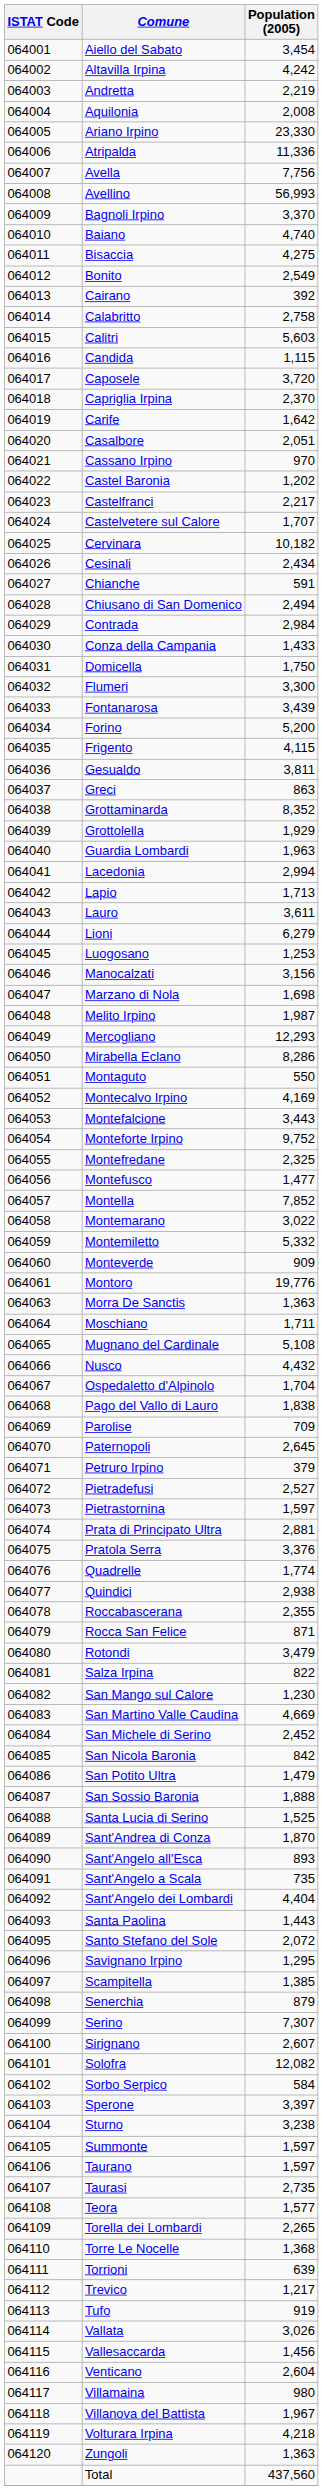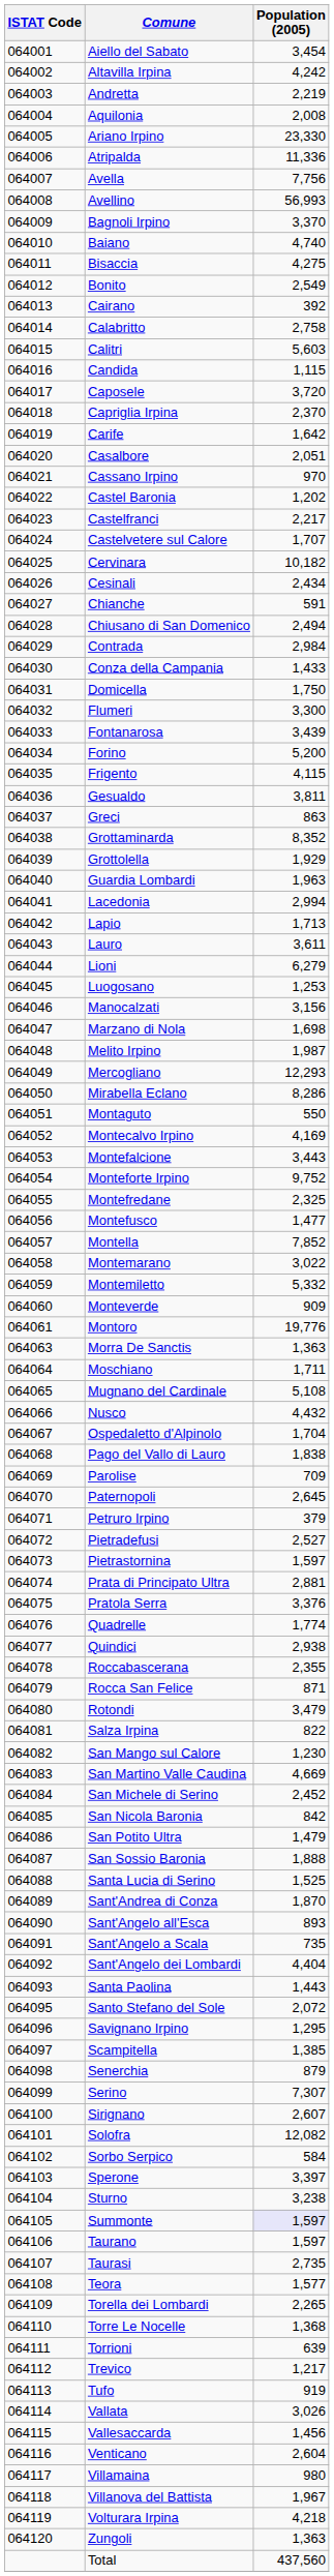 <table class="wikitable sortable">
 <tr>
 <th><a href='#'>ISTAT</a> Code</th>
 <th><em><a href='#'>Comune</a></em></th>
 <th>Population <br>(2005)</th>
 </tr>
 <tr>
 <td>064001</td>
 <td><a href='#'>Aiello del Sabato</a></td>
 <td align="right">3,454</td>
 </tr>
 <tr>
 <td>064002</td>
 <td><a href='#'>Altavilla Irpina</a></td>
 <td align="right">4,242</td>
 </tr>
 <tr>
 <td>064003</td>
 <td><a href='#'>Andretta</a></td>
 <td align="right">2,219</td>
 </tr>
 <tr>
 <td>064004</td>
 <td><a href='#'>Aquilonia</a></td>
 <td align="right">2,008</td>
 </tr>
 <tr>
 <td>064005</td>
 <td><a href='#'>Ariano Irpino</a></td>
 <td align="right">23,330</td>
 </tr>
 <tr>
 <td>064006</td>
 <td><a href='#'>Atripalda</a></td>
 <td align="right">11,336</td>
 </tr>
 <tr>
 <td>064007</td>
 <td><a href='#'>Avella</a></td>
 <td align="right">7,756</td>
 </tr>
 <tr>
 <td>064008</td>
 <td><a href='#'>Avellino</a></td>
 <td align="right">56,993</td>
 </tr>
 <tr>
 <td>064009</td>
 <td><a href='#'>Bagnoli Irpino</a></td>
 <td align="right">3,370</td>
 </tr>
 <tr>
 <td>064010</td>
 <td><a href='#'>Baiano</a></td>
 <td align="right">4,740</td>
 </tr>
 <tr>
 <td>064011</td>
 <td><a href='#'>Bisaccia</a></td>
 <td align="right">4,275</td>
 </tr>
 <tr>
 <td>064012</td>
 <td><a href='#'>Bonito</a></td>
 <td align="right">2,549</td>
 </tr>
 <tr>
 <td>064013</td>
 <td><a href='#'>Cairano</a></td>
 <td align="right">392</td>
 </tr>
 <tr>
 <td>064014</td>
 <td><a href='#'>Calabritto</a></td>
 <td align="right">2,758</td>
 </tr>
 <tr>
 <td>064015</td>
 <td><a href='#'>Calitri</a></td>
 <td align="right">5,603</td>
 </tr>
 <tr>
 <td>064016</td>
 <td><a href='#'>Candida</a></td>
 <td align="right">1,115</td>
 </tr>
 <tr>
 <td>064017</td>
 <td><a href='#'>Caposele</a></td>
 <td align="right">3,720</td>
 </tr>
 <tr>
 <td>064018</td>
 <td><a href='#'>Capriglia Irpina</a></td>
 <td align="right">2,370</td>
 </tr>
 <tr>
 <td>064019</td>
 <td><a href='#'>Carife</a></td>
 <td align="right">1,642</td>
 </tr>
 <tr>
 <td>064020</td>
 <td><a href='#'>Casalbore</a></td>
 <td align="right">2,051</td>
 </tr>
 <tr>
 <td>064021</td>
 <td><a href='#'>Cassano Irpino</a></td>
 <td align="right">970</td>
 </tr>
 <tr>
 <td>064022</td>
 <td><a href='#'>Castel Baronia</a></td>
 <td align="right">1,202</td>
 </tr>
 <tr>
 <td>064023</td>
 <td><a href='#'>Castelfranci</a></td>
 <td align="right">2,217</td>
 </tr>
 <tr>
 <td>064024</td>
 <td><a href='#'>Castelvetere sul Calore</a></td>
 <td align="right">1,707</td>
 </tr>
 <tr>
 <td>064025</td>
 <td><a href='#'>Cervinara</a></td>
 <td align="right">10,182</td>
 </tr>
 <tr>
 <td>064026</td>
 <td><a href='#'>Cesinali</a></td>
 <td align="right">2,434</td>
 </tr>
 <tr>
 <td>064027</td>
 <td><a href='#'>Chianche</a></td>
 <td align="right">591</td>
 </tr>
 <tr>
 <td>064028</td>
 <td><a href='#'>Chiusano di San Domenico</a></td>
 <td align="right">2,494</td>
 </tr>
 <tr>
 <td>064029</td>
 <td><a href='#'>Contrada</a></td>
 <td align="right">2,984</td>
 </tr>
 <tr>
 <td>064030</td>
 <td><a href='#'>Conza della Campania</a></td>
 <td align="right">1,433</td>
 </tr>
 <tr>
 <td>064031</td>
 <td><a href='#'>Domicella</a></td>
 <td align="right">1,750</td>
 </tr>
 <tr>
 <td>064032</td>
 <td><a href='#'>Flumeri</a></td>
 <td align="right">3,300</td>
 </tr>
 <tr>
 <td>064033</td>
 <td><a href='#'>Fontanarosa</a></td>
 <td align="right">3,439</td>
 </tr>
 <tr>
 <td>064034</td>
 <td><a href='#'>Forino</a></td>
 <td align="right">5,200</td>
 </tr>
 <tr>
 <td>064035</td>
 <td><a href='#'>Frigento</a></td>
 <td align="right">4,115</td>
 </tr>
 <tr>
 <td>064036</td>
 <td><a href='#'>Gesualdo</a></td>
 <td align="right">3,811</td>
 </tr>
 <tr>
 <td>064037</td>
 <td><a href='#'>Greci</a></td>
 <td align="right">863</td>
 </tr>
 <tr>
 <td>064038</td>
 <td><a href='#'>Grottaminarda</a></td>
 <td align="right">8,352</td>
 </tr>
 <tr>
 <td>064039</td>
 <td><a href='#'>Grottolella</a></td>
 <td align="right">1,929</td>
 </tr>
 <tr>
 <td>064040</td>
 <td><a href='#'>Guardia Lombardi</a></td>
 <td align="right">1,963</td>
 </tr>
 <tr>
 <td>064041</td>
 <td><a href='#'>Lacedonia</a></td>
 <td align="right">2,994</td>
 </tr>
 <tr>
 <td>064042</td>
 <td><a href='#'>Lapio</a></td>
 <td align="right">1,713</td>
 </tr>
 <tr>
 <td>064043</td>
 <td><a href='#'>Lauro</a></td>
 <td align="right">3,611</td>
 </tr>
 <tr>
 <td>064044</td>
 <td><a href='#'>Lioni</a></td>
 <td align="right">6,279</td>
 </tr>
 <tr>
 <td>064045</td>
 <td><a href='#'>Luogosano</a></td>
 <td align="right">1,253</td>
 </tr>
 <tr>
 <td>064046</td>
 <td><a href='#'>Manocalzati</a></td>
 <td align="right">3,156</td>
 </tr>
 <tr>
 <td>064047</td>
 <td><a href='#'>Marzano di Nola</a></td>
 <td align="right">1,698</td>
 </tr>
 <tr>
 <td>064048</td>
 <td><a href='#'>Melito Irpino</a></td>
 <td align="right">1,987</td>
 </tr>
 <tr>
 <td>064049</td>
 <td><a href='#'>Mercogliano</a></td>
 <td align="right">12,293</td>
 </tr>
 <tr>
 <td>064050</td>
 <td><a href='#'>Mirabella Eclano</a></td>
 <td align="right">8,286</td>
 </tr>
 <tr>
 <td>064051</td>
 <td><a href='#'>Montaguto</a></td>
 <td align="right">550</td>
 </tr>
 <tr>
 <td>064052</td>
 <td><a href='#'>Montecalvo Irpino</a></td>
 <td align="right">4,169</td>
 </tr>
 <tr>
 <td>064053</td>
 <td><a href='#'>Montefalcione</a></td>
 <td align="right">3,443</td>
 </tr>
 <tr>
 <td>064054</td>
 <td><a href='#'>Monteforte Irpino</a></td>
 <td align="right">9,752</td>
 </tr>
 <tr>
 <td>064055</td>
 <td><a href='#'>Montefredane</a></td>
 <td align="right">2,325</td>
 </tr>
 <tr>
 <td>064056</td>
 <td><a href='#'>Montefusco</a></td>
 <td align="right">1,477</td>
 </tr>
 <tr>
 <td>064057</td>
 <td><a href='#'>Montella</a></td>
 <td align="right">7,852</td>
 </tr>
 <tr>
 <td>064058</td>
 <td><a href='#'>Montemarano</a></td>
 <td align="right">3,022</td>
 </tr>
 <tr>
 <td>064059</td>
 <td><a href='#'>Montemiletto</a></td>
 <td align="right">5,332</td>
 </tr>
 <tr>
 <td>064060</td>
 <td><a href='#'>Monteverde</a></td>
 <td align="right">909</td>
 </tr>
 <tr>
 <td>064061</td>
 <td><a href='#'>Montoro</a></td>
 <td align="right">19,776</td>
 </tr>
 <tr>
 <td>064063</td>
 <td><a href='#'>Morra De Sanctis</a></td>
 <td align="right">1,363</td>
 </tr>
 <tr>
 <td>064064</td>
 <td><a href='#'>Moschiano</a></td>
 <td align="right">1,711</td>
 </tr>
 <tr>
 <td>064065</td>
 <td><a href='#'>Mugnano del Cardinale</a></td>
 <td align="right">5,108</td>
 </tr>
 <tr>
 <td>064066</td>
 <td><a href='#'>Nusco</a></td>
 <td align="right">4,432</td>
 </tr>
 <tr>
 <td>064067</td>
 <td><a href='#'>Ospedaletto d'Alpinolo</a></td>
 <td align="right">1,704</td>
 </tr>
 <tr>
 <td>064068</td>
 <td><a href='#'>Pago del Vallo di Lauro</a></td>
 <td align="right">1,838</td>
 </tr>
 <tr>
 <td>064069</td>
 <td><a href='#'>Parolise</a></td>
 <td align="right">709</td>
 </tr>
 <tr>
 <td>064070</td>
 <td><a href='#'>Paternopoli</a></td>
 <td align="right">2,645</td>
 </tr>
 <tr>
 <td>064071</td>
 <td><a href='#'>Petruro Irpino</a></td>
 <td align="right">379</td>
 </tr>
 <tr>
 <td>064072</td>
 <td><a href='#'>Pietradefusi</a></td>
 <td align="right">2,527</td>
 </tr>
 <tr>
 <td>064073</td>
 <td><a href='#'>Pietrastornina</a></td>
 <td align="right">1,597</td>
 </tr>
 <tr>
 <td>064074</td>
 <td><a href='#'>Prata di Principato Ultra</a></td>
 <td align="right">2,881</td>
 </tr>
 <tr>
 <td>064075</td>
 <td><a href='#'>Pratola Serra</a></td>
 <td align="right">3,376</td>
 </tr>
 <tr>
 <td>064076</td>
 <td><a href='#'>Quadrelle</a></td>
 <td align="right">1,774</td>
 </tr>
 <tr>
 <td>064077</td>
 <td><a href='#'>Quindici</a></td>
 <td align="right">2,938</td>
 </tr>
 <tr>
 <td>064078</td>
 <td><a href='#'>Roccabascerana</a></td>
 <td align="right">2,355</td>
 </tr>
 <tr>
 <td>064079</td>
 <td><a href='#'>Rocca San Felice</a></td>
 <td align="right">871</td>
 </tr>
 <tr>
 <td>064080</td>
 <td><a href='#'>Rotondi</a></td>
 <td align="right">3,479</td>
 </tr>
 <tr>
 <td>064081</td>
 <td><a href='#'>Salza Irpina</a></td>
 <td align="right">822</td>
 </tr>
 <tr>
 <td>064082</td>
 <td><a href='#'>San Mango sul Calore</a></td>
 <td align="right">1,230</td>
 </tr>
 <tr>
 <td>064083</td>
 <td><a href='#'>San Martino Valle Caudina</a></td>
 <td align="right">4,669</td>
 </tr>
 <tr>
 <td>064084</td>
 <td><a href='#'>San Michele di Serino</a></td>
 <td align="right">2,452</td>
 </tr>
 <tr>
 <td>064085</td>
 <td><a href='#'>San Nicola Baronia</a></td>
 <td align="right">842</td>
 </tr>
 <tr>
 <td>064086</td>
 <td><a href='#'>San Potito Ultra</a></td>
 <td align="right">1,479</td>
 </tr>
 <tr>
 <td>064087</td>
 <td><a href='#'>San Sossio Baronia</a></td>
 <td align="right">1,888</td>
 </tr>
 <tr>
 <td>064088</td>
 <td><a href='#'>Santa Lucia di Serino</a></td>
 <td align="right">1,525</td>
 </tr>
 <tr>
 <td>064089</td>
 <td><a href='#'>Sant'Andrea di Conza</a></td>
 <td align="right">1,870</td>
 </tr>
 <tr>
 <td>064090</td>
 <td><a href='#'>Sant'Angelo all'Esca</a></td>
 <td align="right">893</td>
 </tr>
 <tr>
 <td>064091</td>
 <td><a href='#'>Sant'Angelo a Scala</a></td>
 <td align="right">735</td>
 </tr>
 <tr>
 <td>064092</td>
 <td><a href='#'>Sant'Angelo dei Lombardi</a></td>
 <td align="right">4,404</td>
 </tr>
 <tr>
 <td>064093</td>
 <td><a href='#'>Santa Paolina</a></td>
 <td align="right">1,443</td>
 </tr>
 <tr>
 <td>064095</td>
 <td><a href='#'>Santo Stefano del Sole</a></td>
 <td align="right">2,072</td>
 </tr>
 <tr>
 <td>064096</td>
 <td><a href='#'>Savignano Irpino</a></td>
 <td align="right">1,295</td>
 </tr>
 <tr>
 <td>064097</td>
 <td><a href='#'>Scampitella</a></td>
 <td align="right">1,385</td>
 </tr>
 <tr>
 <td>064098</td>
 <td><a href='#'>Senerchia</a></td>
 <td align="right">879</td>
 </tr>
 <tr>
 <td>064099</td>
 <td><a href='#'>Serino</a></td>
 <td align="right">7,307</td>
 </tr>
 <tr>
 <td>064100</td>
 <td><a href='#'>Sirignano</a></td>
 <td align="right">2,607</td>
 </tr>
 <tr>
 <td>064101</td>
 <td><a href='#'>Solofra</a></td>
 <td align="right">12,082</td>
 </tr>
 <tr>
 <td>064102</td>
 <td><a href='#'>Sorbo Serpico</a></td>
 <td align="right">584</td>
 </tr>
 <tr>
 <td>064103</td>
 <td><a href='#'>Sperone</a></td>
 <td align="right">3,397</td>
 </tr>
 <tr>
 <td>064104</td>
 <td><a href='#'>Sturno</a></td>
 <td align="right">3,238</td>
 </tr>
 <tr>
 <td>064105</td>
 <td><a href='#'>Summonte</a></td>
-<td align="right">1,597</td>
+<td align="right" style="background: lavender;">1,597</td>
 </tr>
 <tr>
 <td>064106</td>
 <td><a href='#'>Taurano</a></td>
 <td align="right">1,597</td>
 </tr>
 <tr>
 <td>064107</td>
 <td><a href='#'>Taurasi</a></td>
 <td align="right">2,735</td>
 </tr>
 <tr>
 <td>064108</td>
 <td><a href='#'>Teora</a></td>
 <td align="right">1,577</td>
 </tr>
 <tr>
 <td>064109</td>
 <td><a href='#'>Torella dei Lombardi</a></td>
 <td align="right">2,265</td>
 </tr>
 <tr>
 <td>064110</td>
 <td><a href='#'>Torre Le Nocelle</a></td>
 <td align="right">1,368</td>
 </tr>
 <tr>
 <td>064111</td>
 <td><a href='#'>Torrioni</a></td>
 <td align="right">639</td>
 </tr>
 <tr>
 <td>064112</td>
 <td><a href='#'>Trevico</a></td>
 <td align="right">1,217</td>
 </tr>
 <tr>
 <td>064113</td>
 <td><a href='#'>Tufo</a></td>
 <td align="right">919</td>
 </tr>
 <tr>
 <td>064114</td>
 <td><a href='#'>Vallata</a></td>
 <td align="right">3,026</td>
 </tr>
 <tr>
 <td>064115</td>
 <td><a href='#'>Vallesaccarda</a></td>
 <td align="right">1,456</td>
 </tr>
 <tr>
 <td>064116</td>
 <td><a href='#'>Venticano</a></td>
 <td align="right">2,604</td>
 </tr>
 <tr>
 <td>064117</td>
 <td><a href='#'>Villamaina</a></td>
 <td align="right">980</td>
 </tr>
 <tr>
 <td>064118</td>
 <td><a href='#'>Villanova del Battista</a></td>
 <td align="right">1,967</td>
 </tr>
 <tr>
 <td>064119</td>
 <td><a href='#'>Volturara Irpina</a></td>
 <td align="right">4,218</td>
 </tr>
 <tr>
 <td>064120</td>
 <td><a href='#'>Zungoli</a></td>
 <td align="right">1,363</td>
 </tr>
 <tr>
 <td></td>
 <td>Total</td>
 <td align="right">437,560</td>
 </tr>
 <tr>
 </tr>
 </table>
